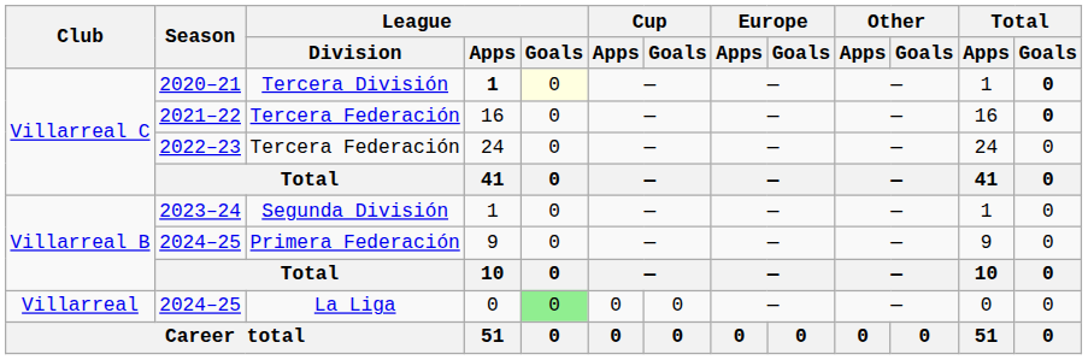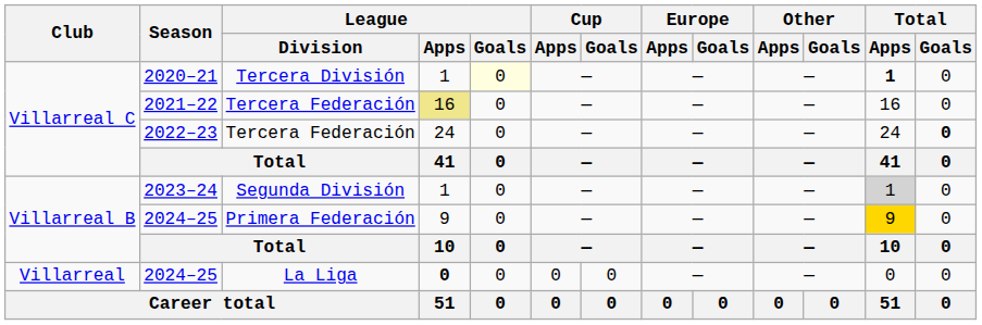 <table class="wikitable" style="text-align:center">
 <tr>
 <th rowspan="2">Club</th>
 <th rowspan="2">Season</th>
 <th colspan="3">League</th>
 <th colspan="2">Cup</th>
 <th colspan="2">Europe</th>
 <th colspan="2">Other</th>
 <th colspan="2">Total</th>
 </tr>
 <tr>
 <th>Division</th>
 <th>Apps</th>
 <th>Goals</th>
 <th>Apps</th>
 <th>Goals</th>
 <th>Apps</th>
 <th>Goals</th>
 <th>Apps</th>
 <th>Goals</th>
 <th>Apps</th>
 <th>Goals</th>
 </tr>
 <tr>
 <td rowspan="4"><a href='#'>Villarreal C</a></td>
 <td><a href='#'>2020–21</a></td>
 <td><a href='#'>Tercera División</a></td>
-<td><strong>1</strong></td>
+<td>1</td>
 <td style="background: lightyellow;">0</td>
 <td colspan="2">—</td>
 <td colspan="2">—</td>
 <td colspan="2">—</td>
-<td>1</td>
-<td><strong>0</strong></td>
+<td><strong>1</strong></td>
+<td>0</td>
 </tr>
 <tr>
 <td><a href='#'>2021–22</a></td>
 <td><a href='#'>Tercera Federación</a></td>
-<td>16</td>
+<td style="background: khaki;">16</td>
 <td>0</td>
 <td colspan="2">—</td>
 <td colspan="2">—</td>
 <td colspan="2">—</td>
 <td>16</td>
-<td><strong>0</strong></td>
+<td>0</td>
 </tr>
 <tr>
 <td><a href='#'>2022–23</a></td>
 <td>Tercera Federación</td>
 <td>24</td>
 <td>0</td>
 <td colspan="2">—</td>
 <td colspan="2">—</td>
 <td colspan="2">—</td>
 <td>24</td>
-<td>0</td>
+<td><strong>0</strong></td>
 </tr>
 <tr>
 <th colspan="2">Total</th>
 <th>41</th>
 <th>0</th>
 <th colspan="2">—</th>
 <th colspan="2">—</th>
 <th colspan="2">—</th>
 <th>41</th>
 <th>0</th>
 </tr>
 <tr>
 <td rowspan="3"><a href='#'>Villarreal B</a></td>
 <td><a href='#'>2023–24</a></td>
 <td><a href='#'>Segunda División</a></td>
 <td>1</td>
 <td>0</td>
 <td colspan="2">—</td>
 <td colspan="2">—</td>
 <td colspan="2">—</td>
-<td>1</td>
+<td style="background: lightgrey;">1</td>
 <td>0</td>
 </tr>
 <tr>
 <td><a href='#'>2024–25</a></td>
 <td><a href='#'>Primera Federación</a></td>
 <td>9</td>
 <td>0</td>
 <td colspan="2">—</td>
 <td colspan="2">—</td>
 <td colspan="2">—</td>
-<td>9</td>
+<td style="background: gold;">9</td>
 <td>0</td>
 </tr>
 <tr>
 <th colspan="2">Total</th>
 <th>10</th>
 <th>0</th>
 <th colspan="2">—</th>
 <th colspan="2">—</th>
 <th colspan="2">—</th>
 <th>10</th>
 <th>0</th>
 </tr>
 <tr>
 <td><a href='#'>Villarreal</a></td>
 <td><a href='#'>2024–25</a></td>
 <td><a href='#'>La Liga</a></td>
+<td><strong>0</strong></td>
 <td>0</td>
-<td style="background: lightgreen;">0</td>
 <td>0</td>
 <td>0</td>
 <td colspan="2">—</td>
 <td colspan="2">—</td>
 <td>0</td>
 <td>0</td>
 </tr>
 <tr>
 <th colspan="3">Career total</th>
 <th>51</th>
 <th>0</th>
 <th>0</th>
 <th>0</th>
 <th>0</th>
 <th>0</th>
 <th>0</th>
 <th>0</th>
 <th>51</th>
 <th>0</th>
 </tr>
 </table>
